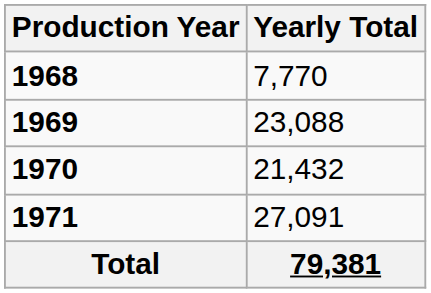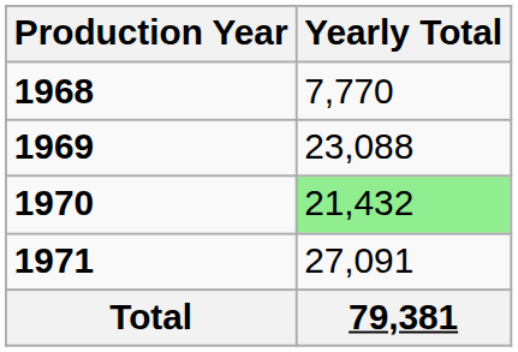 <table class="wikitable">
 <tr>
 <th>Production Year</th>
 <th>Yearly Total</th>
 </tr>
 <tr>
 <td><strong>1968</strong></td>
 <td>7,770</td>
 </tr>
 <tr>
 <td><strong>1969</strong></td>
 <td>23,088</td>
 </tr>
 <tr>
 <td><strong>1970</strong></td>
-<td>21,432</td>
+<td style="background: lightgreen;">21,432</td>
 </tr>
 <tr>
 <td><strong>1971</strong></td>
 <td>27,091</td>
 </tr>
 <tr>
 <th>Total</th>
 <th><u>79,381</u></th>
 </tr>
 </table>
